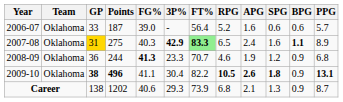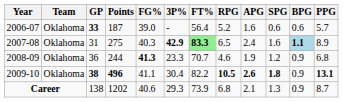 <table class="wikitable">
 <tr>
 <th>Year</th>
 <th>Team</th>
 <th>GP</th>
 <th>Points</th>
 <th>FG%</th>
 <th>3P%</th>
 <th>FT%</th>
 <th>RPG</th>
 <th>APG</th>
 <th>SPG</th>
 <th>BPG</th>
 <th>PPG</th>
 </tr>
 <tr>
 <td>2006-07</td>
 <td>Oklahoma</td>
-<td>33</td>
+<td><strong>33</strong></td>
 <td>187</td>
 <td>39.0</td>
 <td>-</td>
 <td>56.4</td>
 <td>5.2</td>
 <td>1.6</td>
 <td>0.6</td>
 <td>0.6</td>
 <td>5.7</td>
 </tr>
 <tr>
 <td>2007-08</td>
 <td>Oklahoma</td>
-<td style="background: gold;">31</td>
+<td>31</td>
 <td>275</td>
 <td>40.3</td>
 <td><strong>42.9</strong></td>
 <td style="background: lightgreen;"><strong>83.3</strong></td>
 <td>6.5</td>
 <td>2.4</td>
 <td>1.6</td>
-<td><strong>1.1</strong></td>
+<td style="background: lightblue;"><strong>1.1</strong></td>
 <td>8.9</td>
 </tr>
 <tr>
 <td>2008-09</td>
 <td>Oklahoma</td>
 <td>36</td>
 <td>244</td>
 <td><strong>41.3</strong></td>
 <td>23.3</td>
 <td>70.7</td>
 <td>4.6</td>
 <td>1.9</td>
 <td>1.2</td>
 <td>0.9</td>
 <td>6.8</td>
 </tr>
 <tr>
 <td>2009-10</td>
 <td>Oklahoma</td>
 <td><strong>38</strong></td>
 <td><strong>496</strong></td>
 <td>41.1</td>
 <td>30.4</td>
 <td>82.2</td>
 <td><strong>10.5</strong></td>
 <td><strong>2.6</strong></td>
 <td><strong>1.8</strong></td>
 <td>0.9</td>
 <td><strong>13.1</strong></td>
 </tr>
 <tr class="sortbottom">
 <td colspan=2 align="center"><strong>Career</strong></td>
 <td>138</td>
 <td>1202</td>
 <td>40.6</td>
 <td>29.3</td>
 <td>73.9</td>
 <td>6.8</td>
 <td>2.1</td>
 <td>1.3</td>
 <td>0.9</td>
 <td>8.7</td>
 </tr>
 </table>
